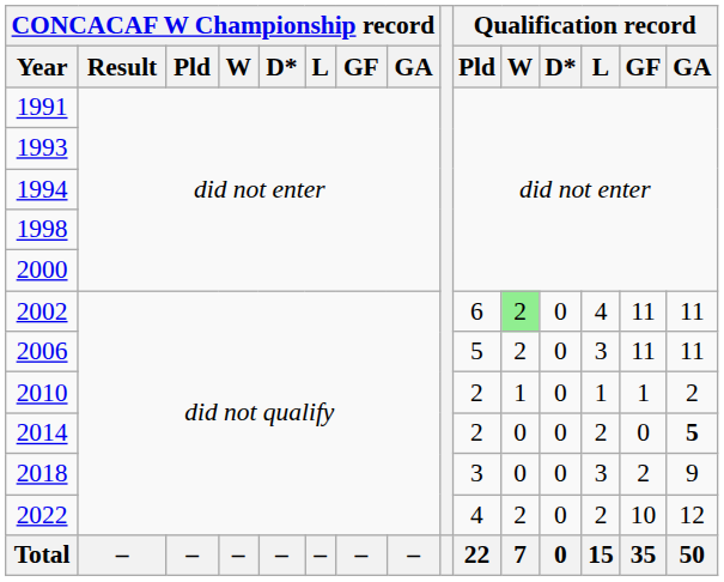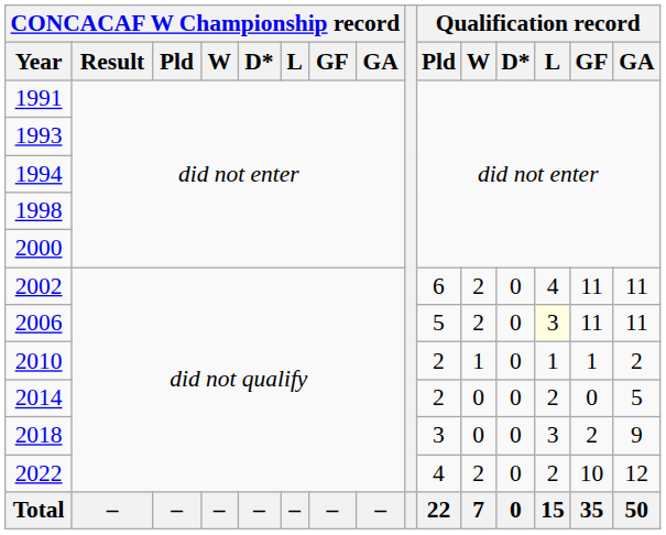 <table class="wikitable" style="text-align: center;">
 <tr>
 <th colspan=8><a href='#'>CONCACAF W Championship</a> record</th>
 <th rowspan=13></th>
 <th colspan=6>Qualification record</th>
 </tr>
 <tr>
 <th>Year</th>
 <th>Result</th>
 <th>Pld</th>
 <th>W</th>
 <th>D*</th>
 <th>L</th>
 <th>GF</th>
 <th>GA</th>
 <th>Pld</th>
 <th>W</th>
 <th>D*</th>
 <th>L</th>
 <th>GF</th>
 <th>GA</th>
 </tr>
 <tr>
 <td> <a href='#'>1991</a></td>
 <td colspan=7 rowspan=5><em>did not enter</em></td>
 <td colspan=6 rowspan=5><em>did not enter</em></td>
 </tr>
 <tr>
 <td> <a href='#'>1993</a></td>
 </tr>
 <tr>
 <td> <a href='#'>1994</a></td>
 </tr>
 <tr>
 <td> <a href='#'>1998</a></td>
 </tr>
 <tr>
 <td> <a href='#'>2000</a></td>
 </tr>
 <tr>
 <td> <a href='#'>2002</a></td>
 <td colspan=7 rowspan=6><em>did not qualify</em></td>
 <td>6</td>
-<td style="background: lightgreen;">2</td>
+<td>2</td>
 <td>0</td>
 <td>4</td>
 <td>11</td>
 <td>11</td>
 </tr>
 <tr>
 <td> <a href='#'>2006</a></td>
 <td>5</td>
 <td>2</td>
 <td>0</td>
-<td>3</td>
+<td style="background: lightyellow;">3</td>
 <td>11</td>
 <td>11</td>
 </tr>
 <tr>
 <td> <a href='#'>2010</a></td>
 <td>2</td>
 <td>1</td>
 <td>0</td>
 <td>1</td>
 <td>1</td>
 <td>2</td>
 </tr>
 <tr>
 <td> <a href='#'>2014</a></td>
 <td>2</td>
 <td>0</td>
 <td>0</td>
 <td>2</td>
 <td>0</td>
-<td><strong>5</strong></td>
+<td>5</td>
 </tr>
 <tr>
 <td> <a href='#'>2018</a></td>
 <td>3</td>
 <td>0</td>
 <td>0</td>
 <td>3</td>
 <td>2</td>
 <td>9</td>
 </tr>
 <tr>
 <td> <a href='#'>2022</a></td>
 <td>4</td>
 <td>2</td>
 <td>0</td>
 <td>2</td>
 <td>10</td>
 <td>12</td>
 </tr>
 <tr>
 <th>Total</th>
 <th>–</th>
 <th>–</th>
 <th>–</th>
 <th>–</th>
 <th>–</th>
 <th>–</th>
 <th>–</th>
 <th></th>
 <th>22</th>
 <th>7</th>
 <th>0</th>
 <th>15</th>
 <th>35</th>
 <th>50</th>
 </tr>
 </table>
